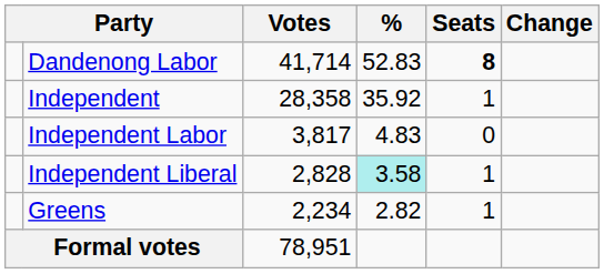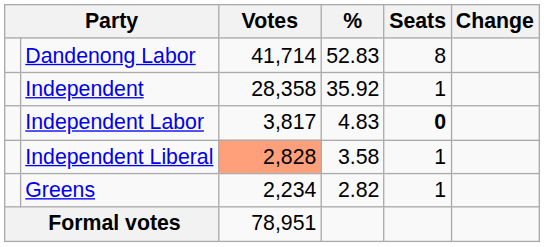 <table class="wikitable" style="text-align:right; margin-bottom:0">
 <tr>
 <th style="width:10px" colspan=3>Party</th>
 <th style="width:70px;">Votes</th>
 <th style="width:40px;">%</th>
 <th style="width:40px;">Seats</th>
 <th style="width:40px;">Change</th>
 </tr>
 <tr>
 <td> </td>
 <td style="text-align:left;" colspan="2"><a href='#'>Dandenong Labor</a></td>
 <td>41,714</td>
 <td>52.83</td>
-<td><strong>8</strong></td>
+<td>8</td>
 <td></td>
 </tr>
 <tr>
 <td> </td>
 <td style="text-align:left;" colspan="2"><a href='#'>Independent</a></td>
 <td>28,358</td>
 <td>35.92</td>
 <td>1</td>
 <td></td>
 </tr>
 <tr>
 <td> </td>
 <td style="text-align:left;" colspan="2"><a href='#'>Independent Labor</a></td>
 <td>3,817</td>
 <td>4.83</td>
-<td>0</td>
+<td><strong>0</strong></td>
 <td></td>
 </tr>
 <tr>
 <td> </td>
 <td style="text-align:left;" colspan="2"><a href='#'>Independent Liberal</a></td>
-<td>2,828</td>
-<td style="background: paleturquoise;">3.58</td>
+<td style="background: lightsalmon;">2,828</td>
+<td>3.58</td>
 <td>1</td>
 <td></td>
 </tr>
 <tr>
 <td> </td>
 <td style="text-align:left;" colspan="2"><a href='#'>Greens</a></td>
 <td>2,234</td>
 <td>2.82</td>
 <td>1</td>
 <td></td>
 </tr>
 <tr>
 <th colspan="3" rowspan="1"> Formal votes</th>
 <td>78,951</td>
 <td></td>
 <td></td>
 <td></td>
 </tr>
 </table>
